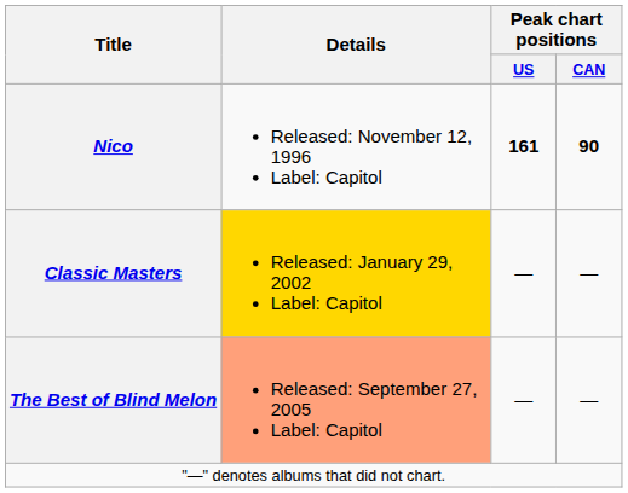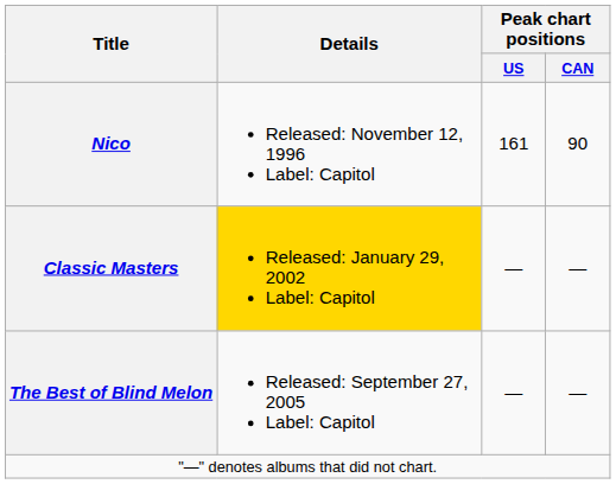 <table class="wikitable plainrowheaders">
 <tr>
 <th rowspan="2">Title</th>
 <th rowspan="2" width="230">Details</th>
 <th colspan="2">Peak chart positions</th>
 </tr>
 <tr>
 <th width="50"><small><a href='#'>US</a></small><br></th>
 <th width="50"><small><a href='#'>CAN</a></small><br></th>
 </tr>
 <tr>
 <th scope="row"><em><a href='#'>Nico</a></em></th>
 <td><br><ul><li>Released: November 12, 1996</li><li>Label: Capitol</li></ul></td>
-<td align="center"><strong>161</strong></td>
-<td align="center"><strong>90</strong></td>
+<td align="center">161</td>
+<td align="center">90</td>
 </tr>
 <tr>
 <th scope="row"><em><a href='#'>Classic Masters</a></em></th>
 <td style="background: gold;"><br><ul><li>Released: January 29, 2002</li><li>Label: Capitol</li></ul></td>
 <td align="center">—</td>
 <td align="center">—</td>
 </tr>
 <tr>
 <th scope="row"><em><a href='#'>The Best of Blind Melon</a></em></th>
-<td style="background: lightsalmon;"><br><ul><li>Released: September 27, 2005</li><li>Label: Capitol</li></ul></td>
+<td><br><ul><li>Released: September 27, 2005</li><li>Label: Capitol</li></ul></td>
 <td align="center">—</td>
 <td align="center">—</td>
 </tr>
 <tr>
 <td align="center" colspan="14" style="font-size: 85%">"—" denotes albums that did not chart.</td>
 </tr>
 </table>
